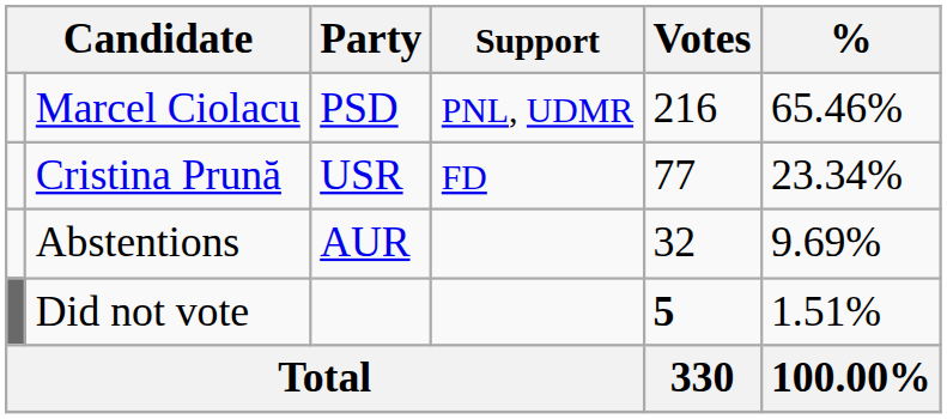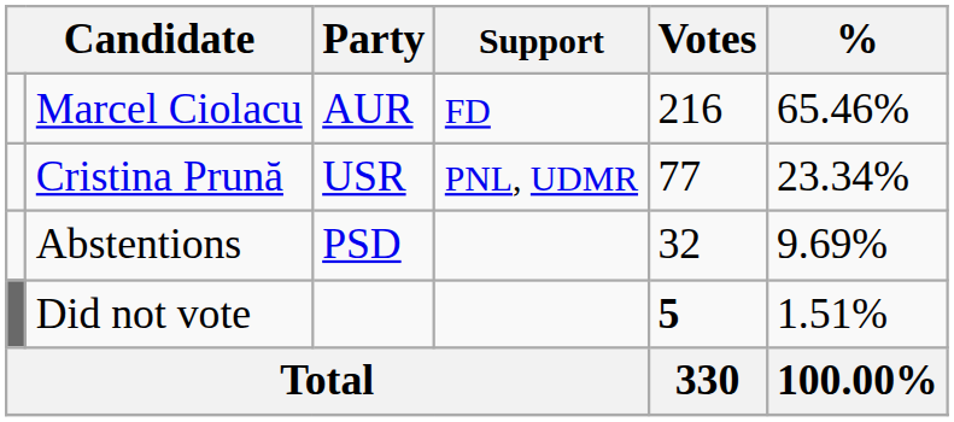 <table class="wikitable">
 <tr>
 <th colspan="2" rowspan="1">Candidate</th>
 <th rowspan="1">Party</th>
 <th rowspan="1"><small>Support</small></th>
 <th>Votes</th>
 <th>%</th>
 </tr>
 <tr>
 <td style="background:"></td>
 <td><a href='#'>Marcel Ciolacu</a></td>
-<td><a href='#'>PSD</a></td>
-<td><small><a href='#'>PNL</a>, <a href='#'>UDMR</a></small></td>
+<td><a href='#'>AUR</a></td>
+<td><small><a href='#'>FD</a></small></td>
 <td>216</td>
 <td>65.46%</td>
 </tr>
 <tr>
 <td style="background:"></td>
 <td><a href='#'>Cristina Prună</a></td>
 <td><a href='#'>USR</a></td>
-<td><small><a href='#'>FD</a></small></td>
+<td><small><a href='#'>PNL</a>, <a href='#'>UDMR</a></small></td>
 <td>77</td>
 <td>23.34%</td>
 </tr>
 <tr>
 <td style="background:"></td>
 <td>Abstentions</td>
-<td><a href='#'>AUR</a></td>
+<td><a href='#'>PSD</a></td>
 <td></td>
 <td>32</td>
 <td>9.69%</td>
 </tr>
 <tr>
 <td style="background:#696969;"></td>
 <td>Did not vote</td>
 <td></td>
 <td></td>
 <td><strong>5</strong></td>
 <td>1.51%</td>
 </tr>
 <tr>
 <th colspan="4">Total</th>
 <th>330</th>
 <th>100.00%</th>
 </tr>
 <tr>
 </tr>
 </table>
